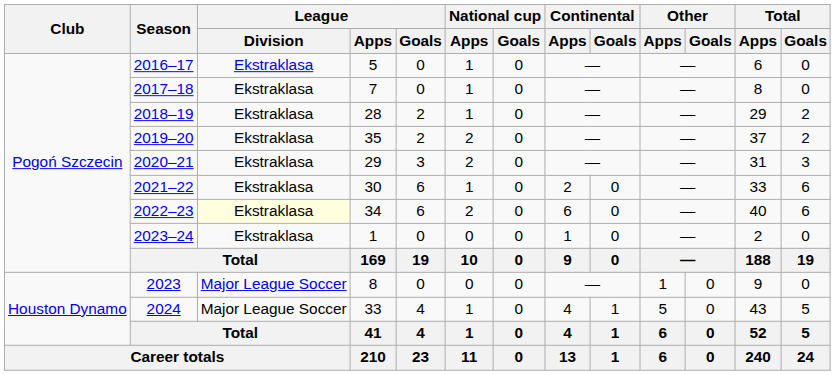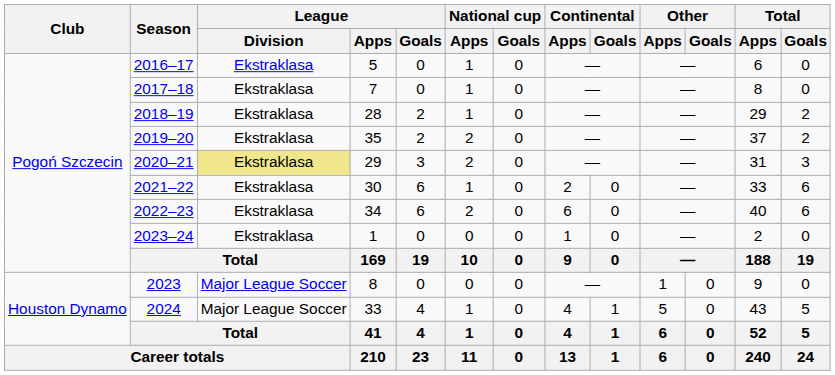 <table class="wikitable" style="text-align: center;">
 <tr>
 <th rowspan="2">Club</th>
 <th rowspan="2">Season</th>
 <th colspan="3">League</th>
 <th colspan="2">National cup</th>
 <th colspan="2">Continental</th>
 <th colspan="2">Other</th>
 <th colspan="2">Total</th>
 </tr>
 <tr>
 <th>Division</th>
 <th>Apps</th>
 <th>Goals</th>
 <th>Apps</th>
 <th>Goals</th>
 <th>Apps</th>
 <th>Goals</th>
 <th>Apps</th>
 <th>Goals</th>
 <th>Apps</th>
 <th>Goals</th>
 </tr>
 <tr>
 <td rowspan=9><a href='#'>Pogoń Szczecin</a></td>
 <td><a href='#'>2016–17</a></td>
 <td><a href='#'>Ekstraklasa</a></td>
 <td>5</td>
 <td>0</td>
 <td>1</td>
 <td>0</td>
 <td colspan=2>—</td>
 <td colspan=2>—</td>
 <td>6</td>
 <td>0</td>
 </tr>
 <tr>
 <td><a href='#'>2017–18</a></td>
 <td>Ekstraklasa</td>
 <td>7</td>
 <td>0</td>
 <td>1</td>
 <td>0</td>
 <td colspan=2>—</td>
 <td colspan=2>—</td>
 <td>8</td>
 <td>0</td>
 </tr>
 <tr>
 <td><a href='#'>2018–19</a></td>
 <td>Ekstraklasa</td>
 <td>28</td>
 <td>2</td>
 <td>1</td>
 <td>0</td>
 <td colspan=2>—</td>
 <td colspan=2>—</td>
 <td>29</td>
 <td>2</td>
 </tr>
 <tr>
 <td><a href='#'>2019–20</a></td>
 <td>Ekstraklasa</td>
 <td>35</td>
 <td>2</td>
 <td>2</td>
 <td>0</td>
 <td colspan=2>—</td>
 <td colspan=2>—</td>
 <td>37</td>
 <td>2</td>
 </tr>
 <tr>
 <td><a href='#'>2020–21</a></td>
-<td>Ekstraklasa</td>
+<td style="background: khaki;">Ekstraklasa</td>
 <td>29</td>
 <td>3</td>
 <td>2</td>
 <td>0</td>
 <td colspan=2>—</td>
 <td colspan=2>—</td>
 <td>31</td>
 <td>3</td>
 </tr>
 <tr>
 <td><a href='#'>2021–22</a></td>
 <td>Ekstraklasa</td>
 <td>30</td>
 <td>6</td>
 <td>1</td>
 <td>0</td>
 <td>2</td>
 <td>0</td>
 <td colspan=2>—</td>
 <td>33</td>
 <td>6</td>
 </tr>
 <tr>
 <td><a href='#'>2022–23</a></td>
-<td style="background: lightyellow;">Ekstraklasa</td>
+<td>Ekstraklasa</td>
 <td>34</td>
 <td>6</td>
 <td>2</td>
 <td>0</td>
 <td>6</td>
 <td>0</td>
 <td colspan=2>—</td>
 <td>40</td>
 <td>6</td>
 </tr>
 <tr>
 <td><a href='#'>2023–24</a></td>
 <td>Ekstraklasa</td>
 <td>1</td>
 <td>0</td>
 <td>0</td>
 <td>0</td>
 <td>1</td>
 <td>0</td>
 <td colspan=2>—</td>
 <td>2</td>
 <td>0</td>
 </tr>
 <tr>
 <th colspan=2>Total</th>
 <th>169</th>
 <th>19</th>
 <th>10</th>
 <th>0</th>
 <th>9</th>
 <th>0</th>
 <th colspan=2>—</th>
 <th>188</th>
 <th>19</th>
 </tr>
 <tr>
 <td rowspan=3><a href='#'>Houston Dynamo</a></td>
 <td><a href='#'>2023</a></td>
 <td><a href='#'>Major League Soccer</a></td>
 <td>8</td>
 <td>0</td>
 <td>0</td>
 <td>0</td>
 <td colspan=2>—</td>
 <td>1</td>
 <td>0</td>
 <td>9</td>
 <td>0</td>
 </tr>
 <tr>
 <td><a href='#'>2024</a></td>
 <td>Major League Soccer</td>
 <td>33</td>
 <td>4</td>
 <td>1</td>
 <td>0</td>
 <td>4</td>
 <td>1</td>
 <td>5</td>
 <td>0</td>
 <td>43</td>
 <td>5</td>
 </tr>
 <tr>
 <th colspan=2>Total</th>
 <th>41</th>
 <th>4</th>
 <th>1</th>
 <th>0</th>
 <th>4</th>
 <th>1</th>
 <th>6</th>
 <th>0</th>
 <th>52</th>
 <th>5</th>
 </tr>
 <tr>
 <th colspan=3>Career totals</th>
 <th>210</th>
 <th>23</th>
 <th>11</th>
 <th>0</th>
 <th>13</th>
 <th>1</th>
 <th>6</th>
 <th>0</th>
 <th>240</th>
 <th>24</th>
 </tr>
 </table>
